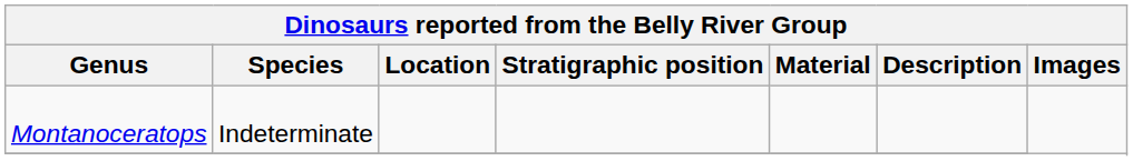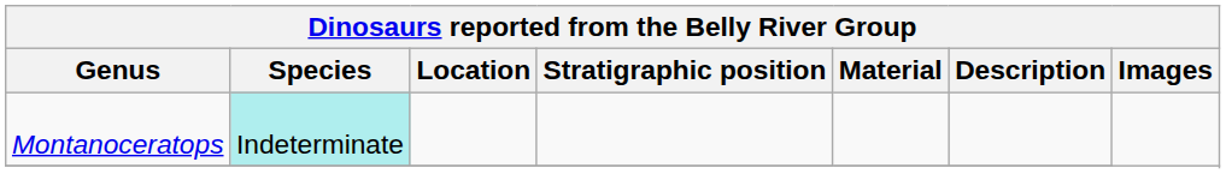 <table class="wikitable" align="center" >
 <tr>
 <th colspan="7" align="center"><strong><a href='#'>Dinosaurs</a> reported from the Belly River Group</strong></th>
 </tr>
 <tr>
 <th>Genus</th>
 <th>Species</th>
 <th>Location</th>
 <th>Stratigraphic position</th>
 <th>Material</th>
 <th>Description</th>
 <th>Images</th>
 </tr>
 <tr>
 <td><br><em><a href='#'>Montanoceratops</a></em></td>
-<td><br>Indeterminate</td>
+<td style="background: paleturquoise;"><br>Indeterminate</td>
 <td></td>
 <td></td>
 <td></td>
 <td></td>
 <td rowspan="99"><br></td>
 </tr>
 <tr>
 </tr>
 </table>
